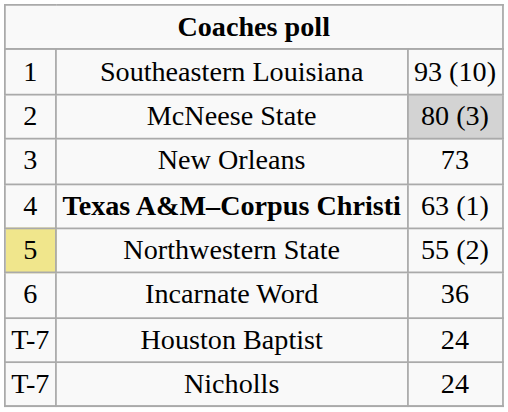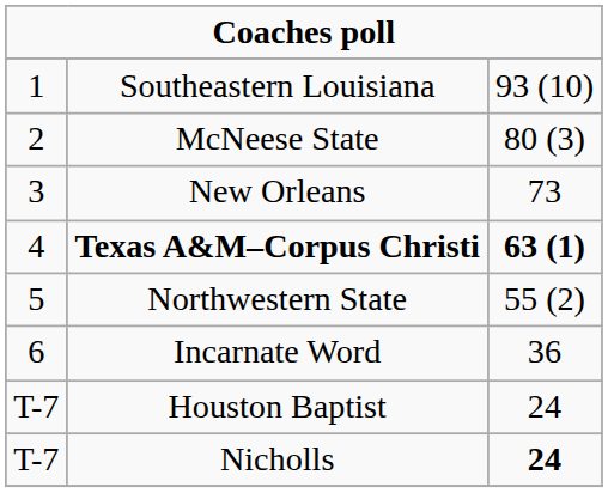 <table class="wikitable">
 <tr align="center">
 <td align="center" Colspan="3"><strong>Coaches poll</strong></td>
 </tr>
 <tr align="center">
 </tr>
 <tr align="center">
 <td>1</td>
 <td>Southeastern Louisiana</td>
 <td>93 (10)</td>
 </tr>
 <tr align="center">
 <td>2</td>
 <td>McNeese State</td>
-<td style="background: lightgrey;">80 (3)</td>
+<td>80 (3)</td>
 </tr>
 <tr align="center">
 <td>3</td>
 <td>New Orleans</td>
 <td>73</td>
 </tr>
 <tr align="center">
 <td>4</td>
 <td><strong>Texas A&M–Corpus Christi</strong></td>
-<td>63 (1)</td>
+<td><strong>63 (1)</strong></td>
 </tr>
 <tr align="center">
-<td style="background: khaki;">5</td>
+<td>5</td>
 <td>Northwestern State</td>
 <td>55 (2)</td>
 </tr>
 <tr align="center">
 <td>6</td>
 <td>Incarnate Word</td>
 <td>36</td>
 </tr>
 <tr align="center">
 <td>T-7</td>
 <td>Houston Baptist</td>
 <td>24</td>
 </tr>
 <tr align="center">
 <td>T-7</td>
 <td>Nicholls</td>
-<td>24</td>
+<td><strong>24</strong></td>
 </tr>
 <tr align="center">
 </tr>
 </table>
